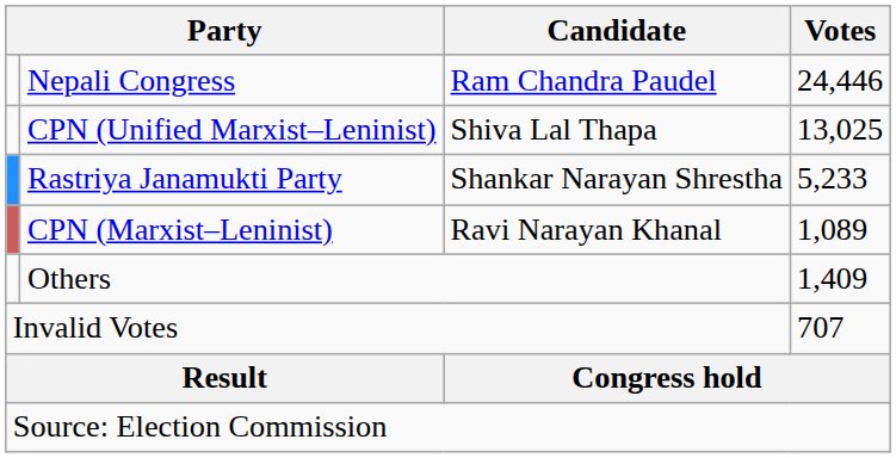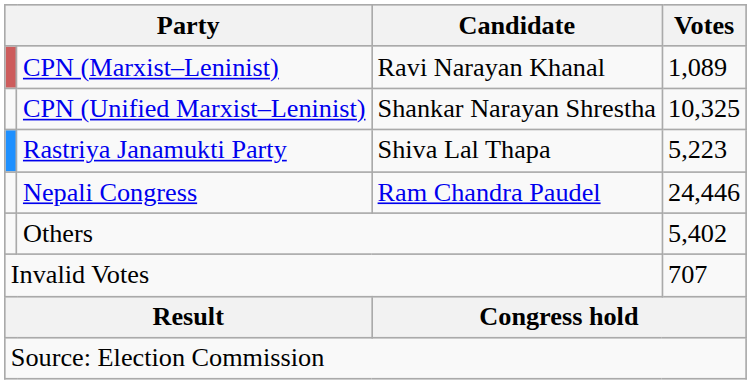 <table class="wikitable">
 <tr>
 <th colspan="2">Party</th>
 <th>Candidate</th>
 <th>Votes</th>
+</tr>
+<tr>
+<td style="background-color:indianred"></td>
+<td><a href='#'>CPN (Marxist–Leninist)</a></td>
+<td>Ravi Narayan Khanal</td>
+<td>1,089</td>
+</tr>
+<tr>
+<td style="background-color:"></td>
+<td><a href='#'>CPN (Unified Marxist–Leninist)</a></td>
+<td>Shankar Narayan Shrestha</td>
+<td>10,325</td>
+</tr>
+<tr>
+<td style="background-color:dodgerblue"></td>
+<td><a href='#'>Rastriya Janamukti Party</a></td>
+<td>Shiva Lal Thapa</td>
+<td>5,223</td>
 </tr>
 <tr>
 <td style="background-color:"></td>
 <td><a href='#'>Nepali Congress</a></td>
 <td><a href='#'>Ram Chandra Paudel</a></td>
 <td>24,446</td>
 </tr>
 <tr>
-<td style="background-color:"></td>
-<td><a href='#'>CPN (Unified Marxist–Leninist)</a></td>
-<td>Shiva Lal Thapa</td>
-<td>13,025</td>
-</tr>
-<tr>
-<td style="background-color:dodgerblue"></td>
-<td><a href='#'>Rastriya Janamukti Party</a></td>
-<td>Shankar Narayan Shrestha</td>
-<td>5,233</td>
-</tr>
-<tr>
-<td style="background-color:indianred"></td>
-<td><a href='#'>CPN (Marxist–Leninist)</a></td>
-<td>Ravi Narayan Khanal</td>
-<td>1,089</td>
-</tr>
-<tr>
 <td></td>
 <td colspan="2">Others</td>
-<td>1,409</td>
+<td>5,402</td>
 </tr>
 <tr>
 <td colspan="3">Invalid Votes</td>
 <td>707</td>
 </tr>
 <tr>
 <th colspan="2">Result</th>
 <th colspan="2">Congress hold</th>
 </tr>
 <tr>
 <td colspan="4">Source: Election Commission</td>
 </tr>
 </table>
